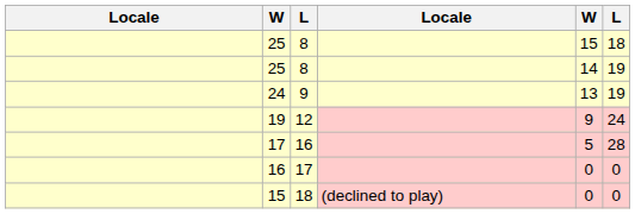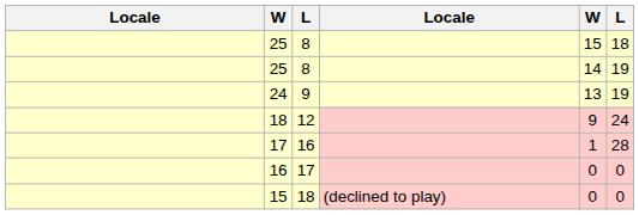 <table class=wikitable>
 <tr>
 <th width=250>Locale</th>
 <th width=20>W</th>
 <th width=20>L</th>
 <th width=250>Locale</th>
 <th width=20>W</th>
 <th width=20>L</th>
 </tr>
 <tr style="background:#ffc;">
 <td></td>
 <td style="text-align:center;">25</td>
 <td style="text-align:center;">8</td>
 <td></td>
 <td style="text-align:center;">15</td>
 <td style="text-align:center;">18</td>
 </tr>
 <tr style="background:#ffc;">
 <td></td>
 <td style="text-align:center;">25</td>
 <td style="text-align:center;">8</td>
 <td></td>
 <td style="text-align:center;">14</td>
 <td style="text-align:center;">19</td>
 </tr>
 <tr style="background:#ffc;">
 <td></td>
 <td style="text-align:center;">24</td>
 <td style="text-align:center;">9</td>
 <td></td>
 <td style="text-align:center;">13</td>
 <td style="text-align:center;">19</td>
 </tr>
 <tr style="background:#ffc;">
 <td></td>
-<td style="text-align:center;">19</td>
+<td style="text-align:center;">18</td>
 <td style="text-align:center;">12</td>
 <td style="background:#fcc;"></td>
 <td style="background:#fcc; text-align:center;">9</td>
 <td style="background:#fcc; text-align:center;">24</td>
 </tr>
 <tr style="background:#ffc;">
 <td></td>
 <td style="text-align:center;">17</td>
 <td style="text-align:center;">16</td>
 <td style="background:#fcc;"></td>
-<td style="background:#fcc; text-align:center;">5</td>
+<td style="background:#fcc; text-align:center;">1</td>
 <td style="background:#fcc; text-align:center;">28</td>
 </tr>
 <tr style="background:#ffc;">
 <td></td>
 <td style="text-align:center;">16</td>
 <td style="text-align:center;">17</td>
 <td style="background:#fcc;"></td>
 <td style="background:#fcc; text-align:center;">0</td>
 <td style="background:#fcc; text-align:center;">0</td>
 </tr>
 <tr style="background:#ffc;">
 <td></td>
 <td style="text-align:center;">15</td>
 <td style="text-align:center;">18</td>
 <td style="background:#fcc;"> (declined to play)</td>
 <td style="background:#fcc; text-align:center;">0</td>
 <td style="background:#fcc; text-align:center;">0</td>
 </tr>
 </table>
